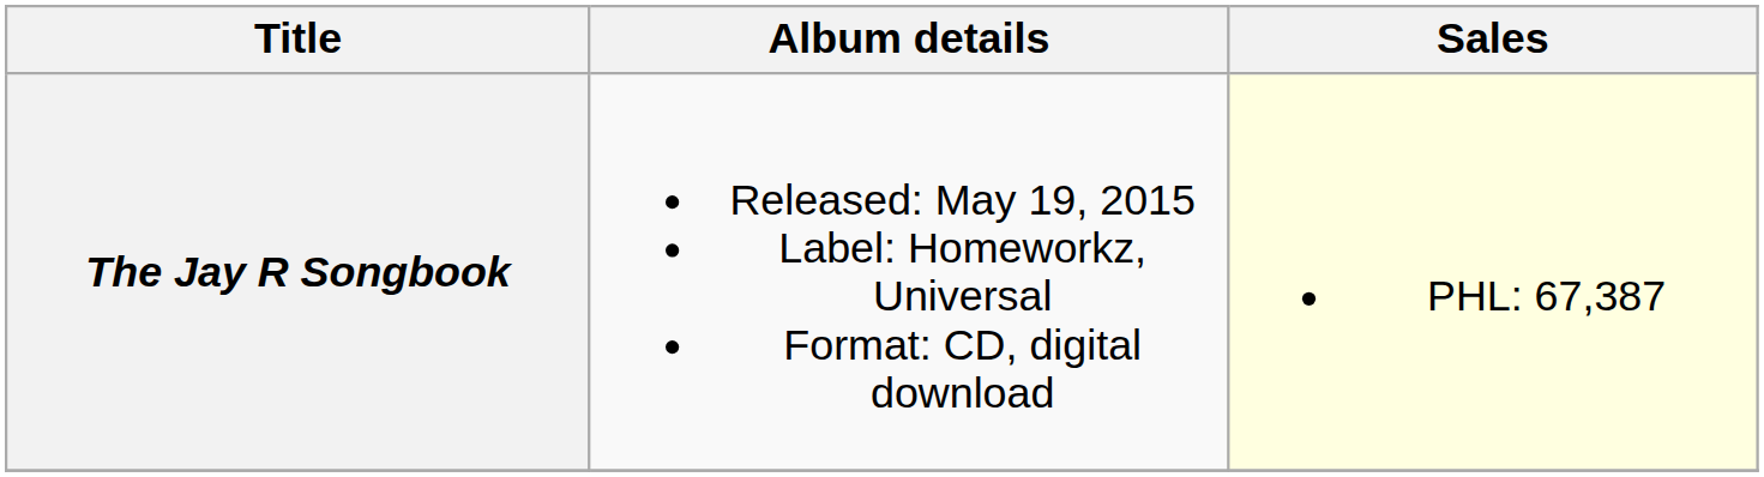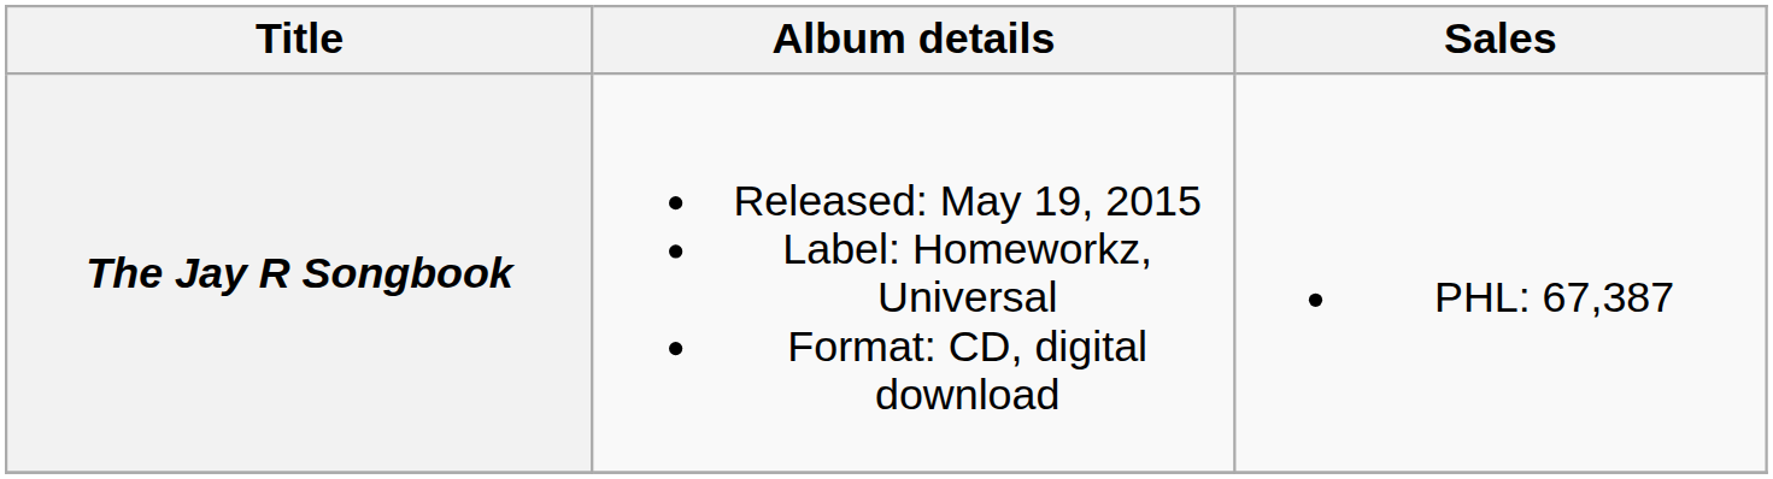 <table class="wikitable plainrowheaders" style="text-align:center;" border="1">
 <tr>
 <th scope="col" width="210">Title</th>
 <th scope="col" width="230">Album details</th>
 <th scope="col" width="190">Sales</th>
 </tr>
 <tr>
 <th scope="row"><em>The Jay R Songbook</em></th>
 <td><br><ul><li>Released: May 19, 2015</li><li>Label: Homeworkz, Universal</li><li>Format: CD, digital download</li></ul></td>
-<td style="background: lightyellow;"><br><ul><li>PHL: 67,387</li></ul></td>
+<td><br><ul><li>PHL: 67,387</li></ul></td>
 </tr>
 <tr>
 </tr>
 </table>
